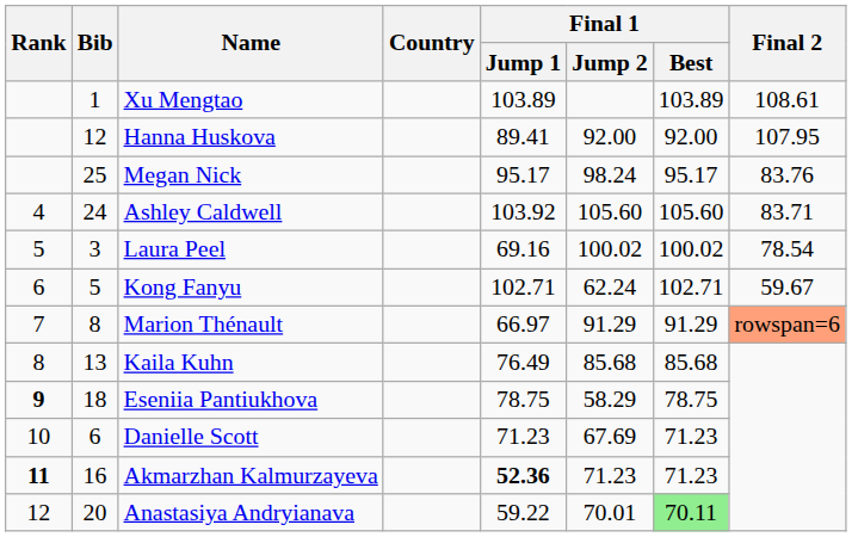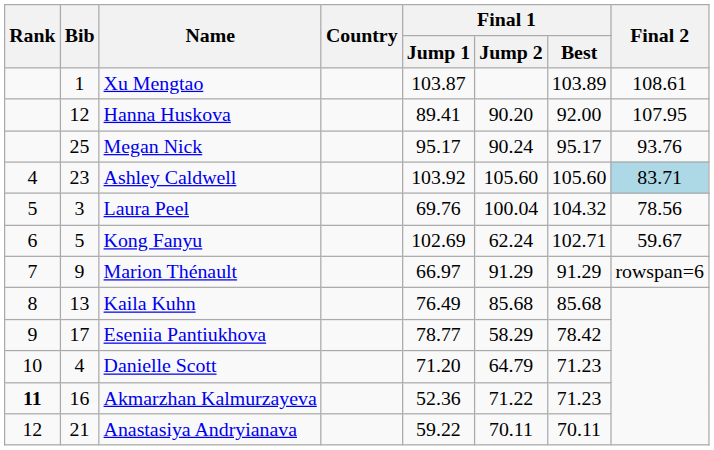 <table class="wikitable sortable" style="text-align:center">
 <tr>
 <th rowspan=2>Rank</th>
 <th rowspan=2>Bib</th>
 <th rowspan=2>Name</th>
 <th rowspan=2>Country</th>
 <th colspan=3>Final 1</th>
 <th rowspan=2>Final 2</th>
 </tr>
 <tr>
 <th>Jump 1</th>
 <th>Jump 2</th>
 <th>Best</th>
 </tr>
 <tr>
 <td></td>
 <td>1</td>
 <td align=left><a href='#'>Xu Mengtao</a></td>
 <td align=left></td>
-<td>103.89</td>
+<td>103.87</td>
 <td></td>
 <td>103.89</td>
 <td>108.61</td>
 </tr>
 <tr>
 <td></td>
 <td>12</td>
 <td align=left><a href='#'>Hanna Huskova</a></td>
 <td align=left></td>
 <td>89.41</td>
-<td>92.00</td>
+<td>90.20</td>
 <td>92.00</td>
 <td>107.95</td>
 </tr>
 <tr>
 <td></td>
 <td>25</td>
 <td align=left><a href='#'>Megan Nick</a></td>
 <td align=left></td>
 <td>95.17</td>
-<td>98.24</td>
+<td>90.24</td>
 <td>95.17</td>
-<td>83.76</td>
+<td>93.76</td>
 </tr>
 <tr>
 <td>4</td>
-<td>24</td>
+<td>23</td>
 <td align=left><a href='#'>Ashley Caldwell</a></td>
 <td align=left></td>
 <td>103.92</td>
 <td>105.60</td>
 <td>105.60</td>
-<td>83.71</td>
+<td style="background: lightblue;">83.71</td>
 </tr>
 <tr>
 <td>5</td>
 <td>3</td>
 <td align=left><a href='#'>Laura Peel</a></td>
 <td align=left></td>
-<td>69.16</td>
-<td>100.02</td>
-<td>100.02</td>
-<td>78.54</td>
+<td>69.76</td>
+<td>100.04</td>
+<td>104.32</td>
+<td>78.56</td>
 </tr>
 <tr>
 <td>6</td>
 <td>5</td>
 <td align=left><a href='#'>Kong Fanyu</a></td>
 <td align=left></td>
-<td>102.71</td>
+<td>102.69</td>
 <td>62.24</td>
 <td>102.71</td>
 <td>59.67</td>
 </tr>
 <tr>
 <td>7</td>
-<td>8</td>
+<td>9</td>
 <td align=left><a href='#'>Marion Thénault</a></td>
 <td align=left></td>
 <td>66.97</td>
 <td>91.29</td>
 <td>91.29</td>
-<td style="background: lightsalmon;">rowspan=6 </td>
+<td>rowspan=6 </td>
 </tr>
 <tr>
 <td>8</td>
 <td>13</td>
 <td align=left><a href='#'>Kaila Kuhn</a></td>
 <td align=left></td>
 <td>76.49</td>
 <td>85.68</td>
 <td>85.68</td>
 </tr>
 <tr>
-<td><strong>9</strong></td>
-<td>18</td>
+<td>9</td>
+<td>17</td>
 <td align=left><a href='#'>Eseniia Pantiukhova</a></td>
 <td align=left></td>
-<td>78.75</td>
+<td>78.77</td>
 <td>58.29</td>
-<td>78.75</td>
+<td>78.42</td>
 </tr>
 <tr>
 <td>10</td>
-<td>6</td>
+<td>4</td>
 <td align=left><a href='#'>Danielle Scott</a></td>
 <td align=left></td>
-<td>71.23</td>
-<td>67.69</td>
+<td>71.20</td>
+<td>64.79</td>
 <td>71.23</td>
 </tr>
 <tr>
 <td><strong>11</strong></td>
 <td>16</td>
 <td align=left><a href='#'>Akmarzhan Kalmurzayeva</a></td>
 <td align=left></td>
-<td><strong>52.36</strong></td>
-<td>71.23</td>
+<td>52.36</td>
+<td>71.22</td>
 <td>71.23</td>
 </tr>
 <tr>
 <td>12</td>
-<td>20</td>
+<td>21</td>
 <td align=left><a href='#'>Anastasiya Andryianava</a></td>
 <td align=left></td>
 <td>59.22</td>
-<td>70.01</td>
-<td style="background: lightgreen;">70.11</td>
+<td>70.11</td>
+<td>70.11</td>
 </tr>
 </table>
